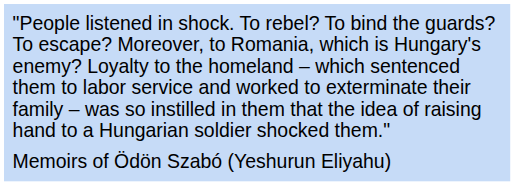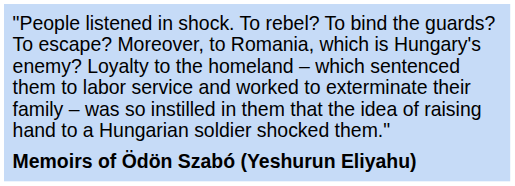 <table class="toccolours" style="float: left; margin-left: 0em; margin-right: 1em; font-size: 85%; background:#c6dbf7; color:black; width:30em; max-width: 40%;" cellspacing="5">
 <tr>
 <td style="text-align: left;">"People listened in shock. To rebel? To bind the guards? To escape? Moreover, to Romania, which is Hungary's enemy? Loyalty to the homeland – which sentenced them to labor service and worked to exterminate their family – was so instilled in them that the idea of raising hand to a Hungarian soldier shocked them."</td>
 </tr>
 <tr>
-<td style="text-align: left;">Memoirs of Ödön Szabó (Yeshurun Eliyahu)</td>
+<td style="text-align: left;"><strong>Memoirs of Ödön Szabó (Yeshurun Eliyahu)</strong></td>
 </tr>
 </table>
